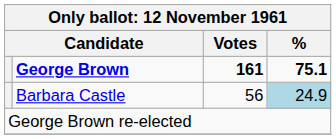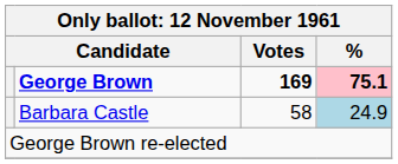 <table class=wikitable style="font-size:95%;">
 <tr>
 <th colspan="4">Only ballot: 12 November 1961</th>
 </tr>
 <tr>
 <th colspan="2" style="width: 170px">Candidate</th>
 <th style="width: 52px">Votes</th>
 <th style="width: 52px">%</th>
 </tr>
 <tr>
 <th style="background-color: "></th>
 <td style="width: 170px"><strong><a href='#'>George Brown</a></strong></td>
-<td align="right"><strong>161</strong></td>
-<td align="right"><strong>75.1</strong></td>
+<td align="right"><strong>169</strong></td>
+<td align="right" style="background: pink;"><strong>75.1</strong></td>
 </tr>
 <tr>
 <th style="background-color: "></th>
 <td style="width: 170px"><a href='#'>Barbara Castle</a></td>
-<td align="right">56</td>
+<td align="right">58</td>
 <td align="right" style="background: lightblue;">24.9</td>
 </tr>
 <tr>
 <td colspan="4">George Brown re-elected</td>
 </tr>
 <tr>
 </tr>
 </table>
